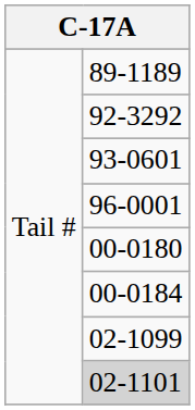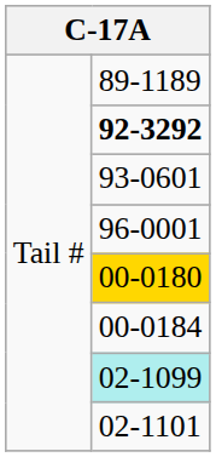 <table class="wikitable">
 <tr>
 <th colspan="2">C-17A</th>
 </tr>
 <tr>
 <td rowspan="8">Tail #</td>
 <td>89-1189</td>
 </tr>
 <tr>
-<td>92-3292</td>
+<td><strong>92-3292</strong></td>
 </tr>
 <tr>
 <td>93-0601</td>
 </tr>
 <tr>
 <td>96-0001</td>
 </tr>
 <tr>
-<td>00-0180</td>
+<td style="background: gold;">00-0180</td>
 </tr>
 <tr>
 <td>00-0184</td>
 </tr>
 <tr>
-<td>02-1099</td>
+<td style="background: paleturquoise;">02-1099</td>
 </tr>
 <tr>
-<td style="background: lightgrey;">02-1101</td>
+<td>02-1101</td>
 </tr>
 </table>
